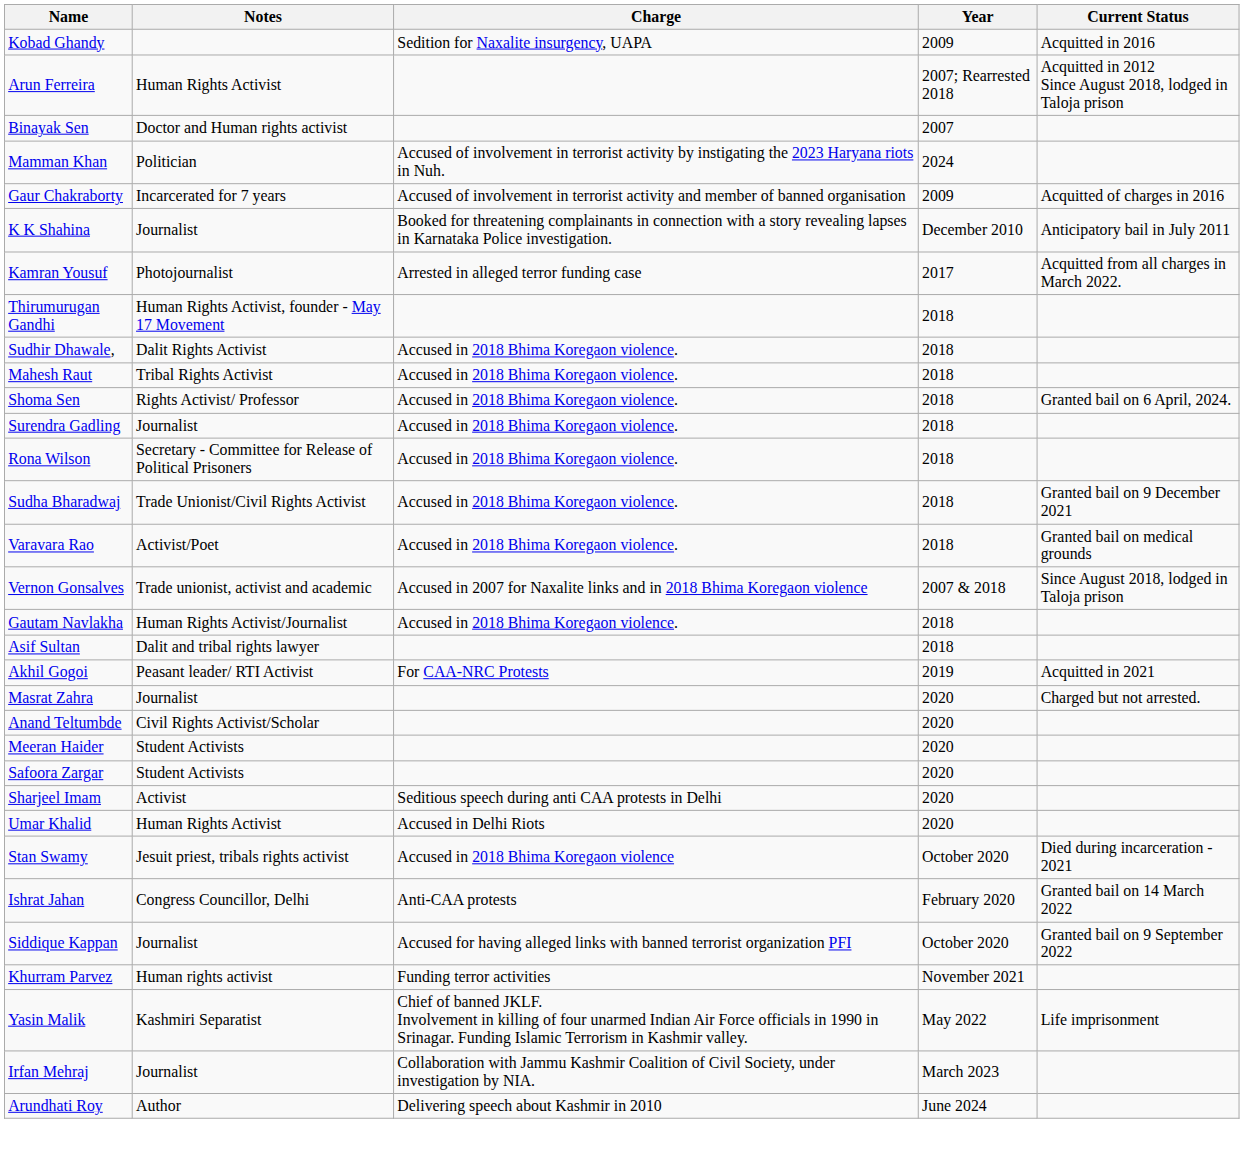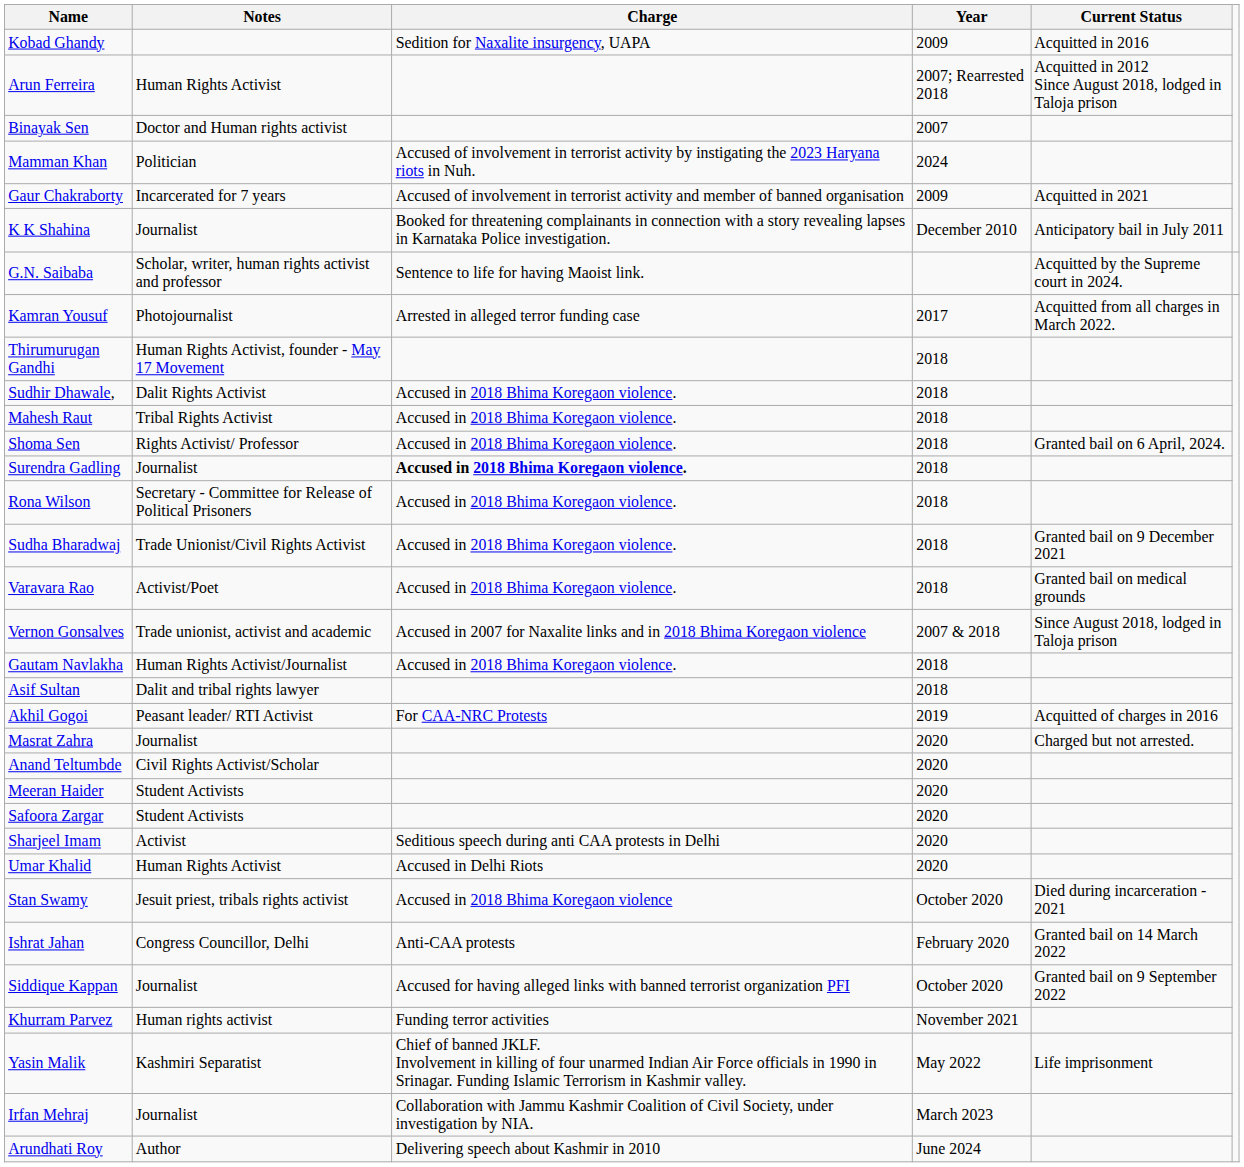 <table class="wikitable">
 <tr>
 <th>Name</th>
 <th>Notes</th>
 <th>Charge</th>
 <th>Year</th>
 <th>Current Status</th>
 </tr>
 <tr>
 <td><a href='#'>Kobad Ghandy</a></td>
 <td></td>
 <td>Sedition for <a href='#'>Naxalite insurgency</a>, UAPA </td>
 <td>2009</td>
 <td>Acquitted in 2016</td>
 </tr>
 <tr>
 <td><a href='#'>Arun Ferreira</a></td>
 <td>Human Rights Activist</td>
 <td></td>
 <td>2007; Rearrested 2018</td>
 <td>Acquitted in 2012<br>Since August 2018, lodged in Taloja prison</td>
 </tr>
 <tr>
 <td><a href='#'>Binayak Sen</a></td>
 <td>Doctor and Human rights activist</td>
 <td></td>
 <td>2007</td>
 <td></td>
 </tr>
 <tr>
 <td><a href='#'>Mamman Khan</a></td>
 <td>Politician</td>
 <td>Accused of involvement in terrorist activity by instigating the <a href='#'>2023 Haryana riots</a> in Nuh. </td>
 <td>2024</td>
 <td></td>
 </tr>
 <tr>
 <td><a href='#'>Gaur Chakraborty</a></td>
 <td>Incarcerated for 7 years</td>
 <td>Accused of involvement in terrorist activity and member of banned organisation</td>
 <td>2009</td>
-<td>Acquitted of charges in 2016</td>
+<td>Acquitted in 2021</td>
 </tr>
 <tr>
 <td><a href='#'>K K Shahina</a></td>
 <td>Journalist</td>
 <td>Booked for threatening complainants in connection with a story revealing lapses in Karnataka Police investigation.</td>
 <td>December 2010</td>
 <td>Anticipatory bail in July 2011</td>
+</tr>
+<tr>
+<td><a href='#'>G.N. Saibaba</a></td>
+<td>Scholar, writer, human rights activist and professor</td>
+<td>Sentence to life for having Maoist link.</td>
+<td></td>
+<td>Acquitted by the Supreme court in 2024.</td>
+<td></td>
 </tr>
 <tr>
 <td><a href='#'>Kamran Yousuf</a></td>
 <td>Photojournalist</td>
 <td>Arrested in alleged terror funding case</td>
 <td>2017</td>
 <td>Acquitted from all charges in March 2022.</td>
 </tr>
 <tr>
 <td><a href='#'>Thirumurugan Gandhi</a></td>
 <td>Human Rights Activist, founder - <a href='#'>May 17 Movement</a></td>
 <td></td>
 <td>2018</td>
 <td></td>
 </tr>
 <tr>
 <td><a href='#'>Sudhir Dhawale</a>,</td>
 <td>Dalit Rights Activist</td>
 <td>Accused in <a href='#'>2018 Bhima Koregaon violence</a>.</td>
 <td>2018</td>
 <td></td>
 </tr>
 <tr>
 <td><a href='#'>Mahesh Raut</a></td>
 <td>Tribal Rights Activist</td>
 <td>Accused in <a href='#'>2018 Bhima Koregaon violence</a>.</td>
 <td>2018</td>
 <td></td>
 </tr>
 <tr>
 <td><a href='#'>Shoma Sen</a></td>
 <td>Rights Activist/ Professor</td>
 <td>Accused in <a href='#'>2018 Bhima Koregaon violence</a>.</td>
 <td>2018</td>
 <td>Granted bail on 6 April, 2024.</td>
 </tr>
 <tr>
 <td><a href='#'>Surendra Gadling</a></td>
 <td>Journalist</td>
-<td>Accused in <a href='#'>2018 Bhima Koregaon violence</a>.</td>
+<td><strong>Accused in <a href='#'>2018 Bhima Koregaon violence</a>.</strong></td>
 <td>2018</td>
 <td></td>
 </tr>
 <tr>
 <td><a href='#'>Rona Wilson</a></td>
 <td>Secretary - Committee for Release of Political Prisoners</td>
 <td>Accused in <a href='#'>2018 Bhima Koregaon violence</a>.</td>
 <td>2018</td>
 <td></td>
 </tr>
 <tr>
 <td><a href='#'>Sudha Bharadwaj</a></td>
 <td>Trade Unionist/Civil Rights Activist</td>
 <td>Accused in <a href='#'>2018 Bhima Koregaon violence</a>.</td>
 <td>2018</td>
 <td>Granted bail on 9 December 2021</td>
 </tr>
 <tr>
 <td><a href='#'>Varavara Rao</a></td>
 <td>Activist/Poet</td>
 <td>Accused in <a href='#'>2018 Bhima Koregaon violence</a>.</td>
 <td>2018</td>
 <td>Granted bail on medical grounds</td>
 </tr>
 <tr>
 <td><a href='#'>Vernon Gonsalves</a></td>
 <td>Trade unionist, activist and academic</td>
 <td>Accused in 2007 for Naxalite links and in <a href='#'>2018 Bhima Koregaon violence</a></td>
 <td>2007 & 2018</td>
 <td>Since August 2018, lodged in Taloja prison</td>
 </tr>
 <tr>
 <td><a href='#'>Gautam Navlakha</a></td>
 <td>Human Rights Activist/Journalist</td>
 <td>Accused in <a href='#'>2018 Bhima Koregaon violence</a>.</td>
 <td>2018</td>
 <td></td>
 </tr>
 <tr>
 <td><a href='#'>Asif Sultan</a></td>
 <td>Dalit and tribal rights lawyer</td>
 <td></td>
 <td>2018</td>
 <td></td>
 </tr>
 <tr>
 <td><a href='#'>Akhil Gogoi</a></td>
 <td>Peasant leader/ RTI Activist</td>
 <td>For <a href='#'>CAA-NRC Protests</a></td>
 <td>2019</td>
-<td>Acquitted in 2021</td>
+<td>Acquitted of charges in 2016</td>
 </tr>
 <tr>
 <td><a href='#'>Masrat Zahra</a></td>
 <td>Journalist</td>
 <td></td>
 <td>2020</td>
 <td>Charged but not arrested.</td>
 </tr>
 <tr>
 <td><a href='#'>Anand Teltumbde</a></td>
 <td>Civil Rights Activist/Scholar</td>
 <td></td>
 <td>2020</td>
 <td></td>
 </tr>
 <tr>
 <td><a href='#'>Meeran Haider</a></td>
 <td>Student Activists</td>
 <td></td>
 <td>2020</td>
 <td></td>
 </tr>
 <tr>
 <td><a href='#'>Safoora Zargar</a></td>
 <td>Student Activists</td>
 <td></td>
 <td>2020</td>
 <td></td>
 </tr>
 <tr>
 <td><a href='#'>Sharjeel Imam</a></td>
 <td>Activist</td>
 <td>Seditious speech during anti CAA protests in Delhi</td>
 <td>2020</td>
 <td></td>
 </tr>
 <tr>
 <td><a href='#'>Umar Khalid</a></td>
 <td>Human Rights Activist</td>
 <td>Accused in Delhi Riots</td>
 <td>2020</td>
 <td></td>
 </tr>
 <tr>
 <td><a href='#'>Stan Swamy</a></td>
 <td>Jesuit priest, tribals rights activist</td>
 <td>Accused in <a href='#'>2018 Bhima Koregaon violence</a></td>
 <td>October 2020</td>
 <td>Died during incarceration - 2021</td>
 </tr>
 <tr>
 <td><a href='#'>Ishrat Jahan</a></td>
 <td>Congress Councillor, Delhi</td>
 <td>Anti-CAA protests</td>
 <td>February 2020</td>
 <td>Granted bail on 14 March 2022</td>
 </tr>
 <tr>
 <td><a href='#'>Siddique Kappan</a></td>
 <td>Journalist</td>
 <td>Accused for having alleged links with banned terrorist organization <a href='#'>PFI</a></td>
 <td>October 2020</td>
 <td>Granted bail on 9 September 2022</td>
 </tr>
 <tr>
 <td><a href='#'>Khurram Parvez</a></td>
 <td>Human rights activist</td>
 <td>Funding terror activities</td>
 <td>November 2021</td>
 <td></td>
 </tr>
 <tr>
 <td><a href='#'>Yasin Malik</a></td>
 <td>Kashmiri Separatist</td>
 <td>Chief of banned JKLF.<br>Involvement in killing of four unarmed Indian Air Force officials in 1990 in Srinagar. Funding Islamic Terrorism in Kashmir valley.</td>
 <td>May 2022</td>
 <td>Life imprisonment</td>
 </tr>
 <tr>
 <td><a href='#'>Irfan Mehraj</a></td>
 <td>Journalist</td>
 <td>Collaboration with Jammu Kashmir Coalition of Civil Society, under investigation by NIA.</td>
 <td>March 2023</td>
 <td></td>
 </tr>
 <tr>
 <td><a href='#'>Arundhati Roy</a></td>
 <td>Author</td>
 <td>Delivering speech about Kashmir in 2010</td>
 <td>June 2024</td>
 <td></td>
 </tr>
 </table>
